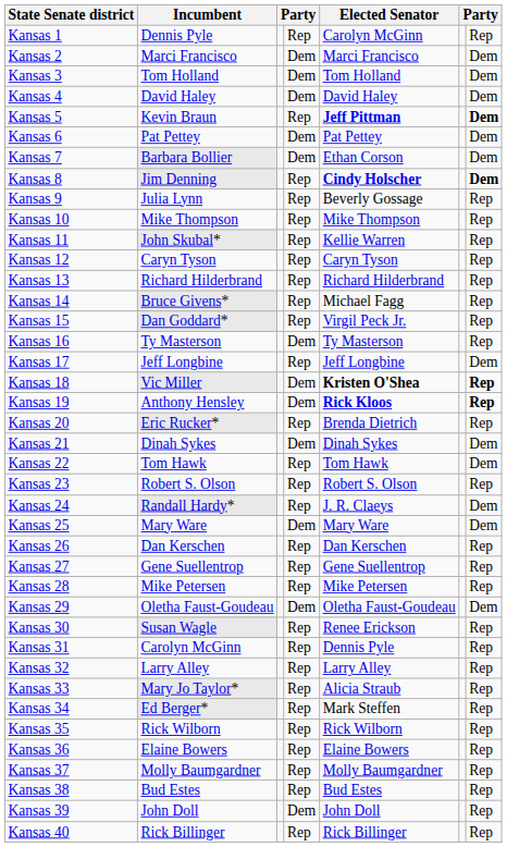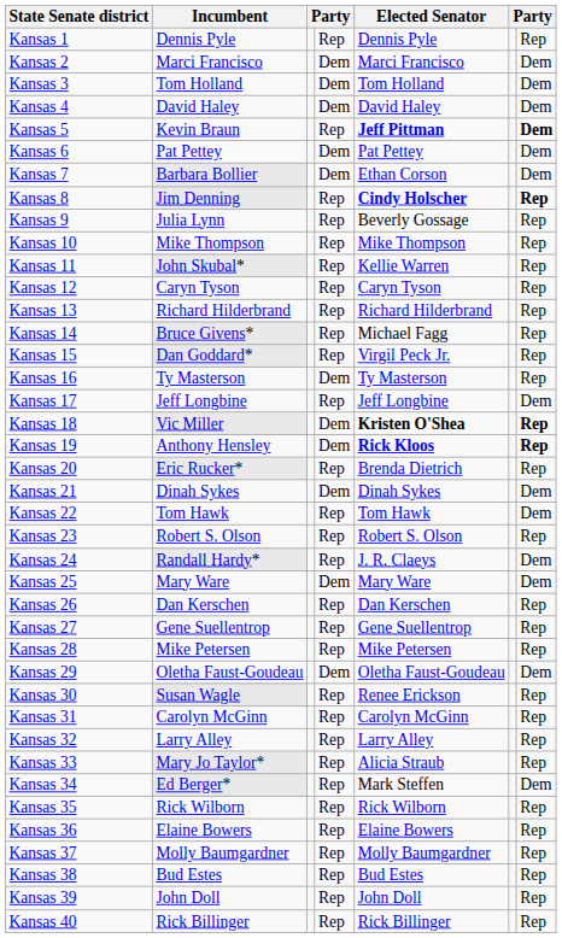 <table class="sortable wikitable" style="font-size:95%;line-height:14px;">
 <tr>
 <th colspan="1">State Senate district</th>
 <th class="unsortable">Incumbent</th>
 <th colspan="2">Party</th>
 <th class="unsortable">Elected Senator</th>
 <th colspan="2">Party</th>
 </tr>
 <tr>
 <td><a href='#'>Kansas 1</a></td>
 <td><a href='#'>Dennis Pyle</a></td>
 <td style="background:"></td>
 <td>Rep</td>
-<td><a href='#'>Carolyn McGinn</a></td>
+<td><a href='#'>Dennis Pyle</a></td>
 <td style="background:"></td>
 <td>Rep</td>
 </tr>
 <tr>
 <td><a href='#'>Kansas 2</a></td>
 <td><a href='#'>Marci Francisco</a></td>
 <td style="background:"></td>
 <td>Dem</td>
 <td><a href='#'>Marci Francisco</a></td>
 <td style="background:"></td>
 <td>Dem</td>
 </tr>
 <tr>
 <td><a href='#'>Kansas 3</a></td>
 <td><a href='#'>Tom Holland</a></td>
 <td style="background:"></td>
 <td>Dem</td>
 <td><a href='#'>Tom Holland</a></td>
 <td style="background:"></td>
 <td>Dem</td>
 </tr>
 <tr>
 <td><a href='#'>Kansas 4</a></td>
 <td><a href='#'>David Haley</a></td>
 <td style="background:"></td>
 <td>Dem</td>
 <td><a href='#'>David Haley</a></td>
 <td style="background:"></td>
 <td>Dem</td>
 </tr>
 <tr>
 <td><a href='#'>Kansas 5</a></td>
 <td><a href='#'>Kevin Braun</a></td>
 <td style="background:"></td>
 <td>Rep</td>
 <td><strong><a href='#'>Jeff Pittman</a></strong></td>
 <td style="background:"></td>
 <td><strong>Dem</strong></td>
 </tr>
 <tr>
 <td><a href='#'>Kansas 6</a></td>
 <td><a href='#'>Pat Pettey</a></td>
 <td style="background:"></td>
 <td>Dem</td>
 <td><a href='#'>Pat Pettey</a></td>
 <td style="background:"></td>
 <td>Dem</td>
 </tr>
 <tr>
 <td><a href='#'>Kansas 7</a></td>
 <td style="background:#E9E9E9;"><a href='#'>Barbara Bollier</a></td>
 <td style="background:"></td>
 <td>Dem</td>
 <td><a href='#'>Ethan Corson</a></td>
 <td style="background:"></td>
 <td>Dem</td>
 </tr>
 <tr>
 <td><a href='#'>Kansas 8</a></td>
 <td style="background:#E9E9E9;"><a href='#'>Jim Denning</a></td>
 <td style="background:"></td>
 <td>Rep</td>
 <td><strong><a href='#'>Cindy Holscher</a></strong></td>
 <td style="background:"></td>
-<td><strong>Dem</strong></td>
+<td><strong>Rep</strong></td>
 </tr>
 <tr>
 <td><a href='#'>Kansas 9</a></td>
 <td><a href='#'>Julia Lynn</a></td>
 <td style="background:"></td>
 <td>Rep</td>
 <td>Beverly Gossage</td>
 <td style="background:"></td>
 <td>Rep</td>
 </tr>
 <tr>
 <td><a href='#'>Kansas 10</a></td>
 <td><a href='#'>Mike Thompson</a></td>
 <td style="background:"></td>
 <td>Rep</td>
 <td><a href='#'>Mike Thompson</a></td>
 <td style="background:"></td>
 <td>Rep</td>
 </tr>
 <tr>
 <td><a href='#'>Kansas 11</a></td>
 <td style="background:#E9E9E9;"><a href='#'>John Skubal</a>*</td>
 <td style="background:"></td>
 <td>Rep</td>
 <td><a href='#'>Kellie Warren</a></td>
 <td style="background:"></td>
 <td>Rep</td>
 </tr>
 <tr>
 <td><a href='#'>Kansas 12</a></td>
 <td><a href='#'>Caryn Tyson</a></td>
 <td style="background:"></td>
 <td>Rep</td>
 <td><a href='#'>Caryn Tyson</a></td>
 <td style="background:"></td>
 <td>Rep</td>
 </tr>
 <tr>
 <td><a href='#'>Kansas 13</a></td>
 <td><a href='#'>Richard Hilderbrand</a></td>
 <td style="background:"></td>
 <td>Rep</td>
 <td><a href='#'>Richard Hilderbrand</a></td>
 <td style="background:"></td>
 <td>Rep</td>
 </tr>
 <tr>
 <td><a href='#'>Kansas 14</a></td>
 <td style="background:#E9E9E9;"><a href='#'>Bruce Givens</a>*</td>
 <td style="background:"></td>
 <td>Rep</td>
 <td>Michael Fagg</td>
 <td style="background:"></td>
 <td>Rep</td>
 </tr>
 <tr>
 <td><a href='#'>Kansas 15</a></td>
 <td style="background:#E9E9E9;"><a href='#'>Dan Goddard</a>*</td>
 <td style="background:"></td>
 <td>Rep</td>
 <td><a href='#'>Virgil Peck Jr.</a></td>
 <td style="background:"></td>
 <td>Rep</td>
 </tr>
 <tr>
 <td><a href='#'>Kansas 16</a></td>
 <td><a href='#'>Ty Masterson</a></td>
 <td style="background:"></td>
 <td>Dem</td>
 <td><a href='#'>Ty Masterson</a></td>
 <td style="background:"></td>
 <td>Rep</td>
 </tr>
 <tr>
 <td><a href='#'>Kansas 17</a></td>
 <td><a href='#'>Jeff Longbine</a></td>
 <td style="background:"></td>
 <td>Rep</td>
 <td><a href='#'>Jeff Longbine</a></td>
 <td style="background:"></td>
 <td>Dem</td>
 </tr>
 <tr>
 <td><a href='#'>Kansas 18</a></td>
 <td style="background:#E9E9E9;"><a href='#'>Vic Miller</a></td>
 <td style="background:"></td>
 <td>Dem</td>
 <td><strong>Kristen O'Shea</strong></td>
 <td style="background:"></td>
 <td><strong>Rep</strong></td>
 </tr>
 <tr>
 <td><a href='#'>Kansas 19</a></td>
 <td><a href='#'>Anthony Hensley</a></td>
 <td style="background:"></td>
 <td>Dem</td>
 <td><strong><a href='#'>Rick Kloos</a></strong></td>
 <td style="background:"></td>
 <td><strong>Rep</strong></td>
 </tr>
 <tr>
 <td><a href='#'>Kansas 20</a></td>
 <td style="background:#E9E9E9;"><a href='#'>Eric Rucker</a>*</td>
 <td style="background:"></td>
 <td>Rep</td>
 <td><a href='#'>Brenda Dietrich</a></td>
 <td style="background:"></td>
 <td>Rep</td>
 </tr>
 <tr>
 <td><a href='#'>Kansas 21</a></td>
 <td><a href='#'>Dinah Sykes</a></td>
 <td style="background:"></td>
 <td>Dem</td>
 <td><a href='#'>Dinah Sykes</a></td>
 <td style="background:"></td>
 <td>Dem</td>
 </tr>
 <tr>
 <td><a href='#'>Kansas 22</a></td>
 <td><a href='#'>Tom Hawk</a></td>
 <td style="background:"></td>
 <td>Rep</td>
 <td><a href='#'>Tom Hawk</a></td>
 <td style="background:"></td>
 <td>Dem</td>
 </tr>
 <tr>
 <td><a href='#'>Kansas 23</a></td>
 <td><a href='#'>Robert S. Olson</a></td>
 <td style="background:"></td>
 <td>Rep</td>
 <td><a href='#'>Robert S. Olson</a></td>
 <td style="background:"></td>
 <td>Rep</td>
 </tr>
 <tr>
 <td><a href='#'>Kansas 24</a></td>
 <td style="background:#E9E9E9;"><a href='#'>Randall Hardy</a>*</td>
 <td style="background:"></td>
 <td>Rep</td>
 <td><a href='#'>J. R. Claeys</a></td>
 <td style="background:"></td>
 <td>Dem</td>
 </tr>
 <tr>
 <td><a href='#'>Kansas 25</a></td>
 <td><a href='#'>Mary Ware</a></td>
 <td style="background:"></td>
 <td>Dem</td>
 <td><a href='#'>Mary Ware</a></td>
 <td style="background:"></td>
 <td>Dem</td>
 </tr>
 <tr>
 <td><a href='#'>Kansas 26</a></td>
 <td><a href='#'>Dan Kerschen</a></td>
 <td style="background:"></td>
 <td>Rep</td>
 <td><a href='#'>Dan Kerschen</a></td>
 <td style="background:"></td>
 <td>Rep</td>
 </tr>
 <tr>
 <td><a href='#'>Kansas 27</a></td>
 <td><a href='#'>Gene Suellentrop</a></td>
 <td style="background:"></td>
 <td>Rep</td>
 <td><a href='#'>Gene Suellentrop</a></td>
 <td style="background:"></td>
 <td>Rep</td>
 </tr>
 <tr>
 <td><a href='#'>Kansas 28</a></td>
 <td><a href='#'>Mike Petersen</a></td>
 <td style="background:"></td>
 <td>Rep</td>
 <td><a href='#'>Mike Petersen</a></td>
 <td style="background:"></td>
 <td>Rep</td>
 </tr>
 <tr>
 <td><a href='#'>Kansas 29</a></td>
 <td><a href='#'>Oletha Faust-Goudeau</a></td>
 <td style="background:"></td>
 <td>Dem</td>
 <td><a href='#'>Oletha Faust-Goudeau</a></td>
 <td style="background:"></td>
 <td>Dem</td>
 </tr>
 <tr>
 <td><a href='#'>Kansas 30</a></td>
 <td style="background:#E9E9E9;"><a href='#'>Susan Wagle</a></td>
 <td style="background:"></td>
 <td>Rep</td>
 <td><a href='#'>Renee Erickson</a></td>
 <td style="background:"></td>
 <td>Rep</td>
 </tr>
 <tr>
 <td><a href='#'>Kansas 31</a></td>
 <td><a href='#'>Carolyn McGinn</a></td>
 <td style="background:"></td>
 <td>Rep</td>
-<td><a href='#'>Dennis Pyle</a></td>
+<td><a href='#'>Carolyn McGinn</a></td>
 <td style="background:"></td>
 <td>Rep</td>
 </tr>
 <tr>
 <td><a href='#'>Kansas 32</a></td>
 <td><a href='#'>Larry Alley</a></td>
 <td style="background:"></td>
 <td>Rep</td>
 <td><a href='#'>Larry Alley</a></td>
 <td style="background:"></td>
 <td>Rep</td>
 </tr>
 <tr>
 <td><a href='#'>Kansas 33</a></td>
 <td style="background:#E9E9E9;"><a href='#'>Mary Jo Taylor</a>*</td>
 <td style="background:"></td>
 <td>Rep</td>
 <td><a href='#'>Alicia Straub</a></td>
 <td style="background:"></td>
 <td>Rep</td>
 </tr>
 <tr>
 <td><a href='#'>Kansas 34</a></td>
 <td style="background:#E9E9E9;"><a href='#'>Ed Berger</a>*</td>
 <td style="background:"></td>
 <td>Rep</td>
 <td>Mark Steffen</td>
 <td style="background:"></td>
-<td>Rep</td>
+<td>Dem</td>
 </tr>
 <tr>
 <td><a href='#'>Kansas 35</a></td>
 <td><a href='#'>Rick Wilborn</a></td>
 <td style="background:"></td>
 <td>Rep</td>
 <td><a href='#'>Rick Wilborn</a></td>
 <td style="background:"></td>
 <td>Rep</td>
 </tr>
 <tr>
 <td><a href='#'>Kansas 36</a></td>
 <td><a href='#'>Elaine Bowers</a></td>
 <td style="background:"></td>
 <td>Rep</td>
 <td><a href='#'>Elaine Bowers</a></td>
 <td style="background:"></td>
 <td>Rep</td>
 </tr>
 <tr>
 <td><a href='#'>Kansas 37</a></td>
 <td><a href='#'>Molly Baumgardner</a></td>
 <td style="background:"></td>
 <td>Rep</td>
 <td><a href='#'>Molly Baumgardner</a></td>
 <td style="background:"></td>
 <td>Rep</td>
 </tr>
 <tr>
 <td><a href='#'>Kansas 38</a></td>
 <td><a href='#'>Bud Estes</a></td>
 <td style="background:"></td>
 <td>Rep</td>
 <td><a href='#'>Bud Estes</a></td>
 <td style="background:"></td>
 <td>Rep</td>
 </tr>
 <tr>
 <td><a href='#'>Kansas 39</a></td>
 <td><a href='#'>John Doll</a></td>
 <td style="background:"></td>
-<td>Dem</td>
+<td>Rep</td>
 <td><a href='#'>John Doll</a></td>
 <td style="background:"></td>
 <td>Rep</td>
 </tr>
 <tr>
 <td><a href='#'>Kansas 40</a></td>
 <td><a href='#'>Rick Billinger</a></td>
 <td style="background:"></td>
 <td>Rep</td>
 <td><a href='#'>Rick Billinger</a></td>
 <td style="background:"></td>
 <td>Rep</td>
 </tr>
 </table>
